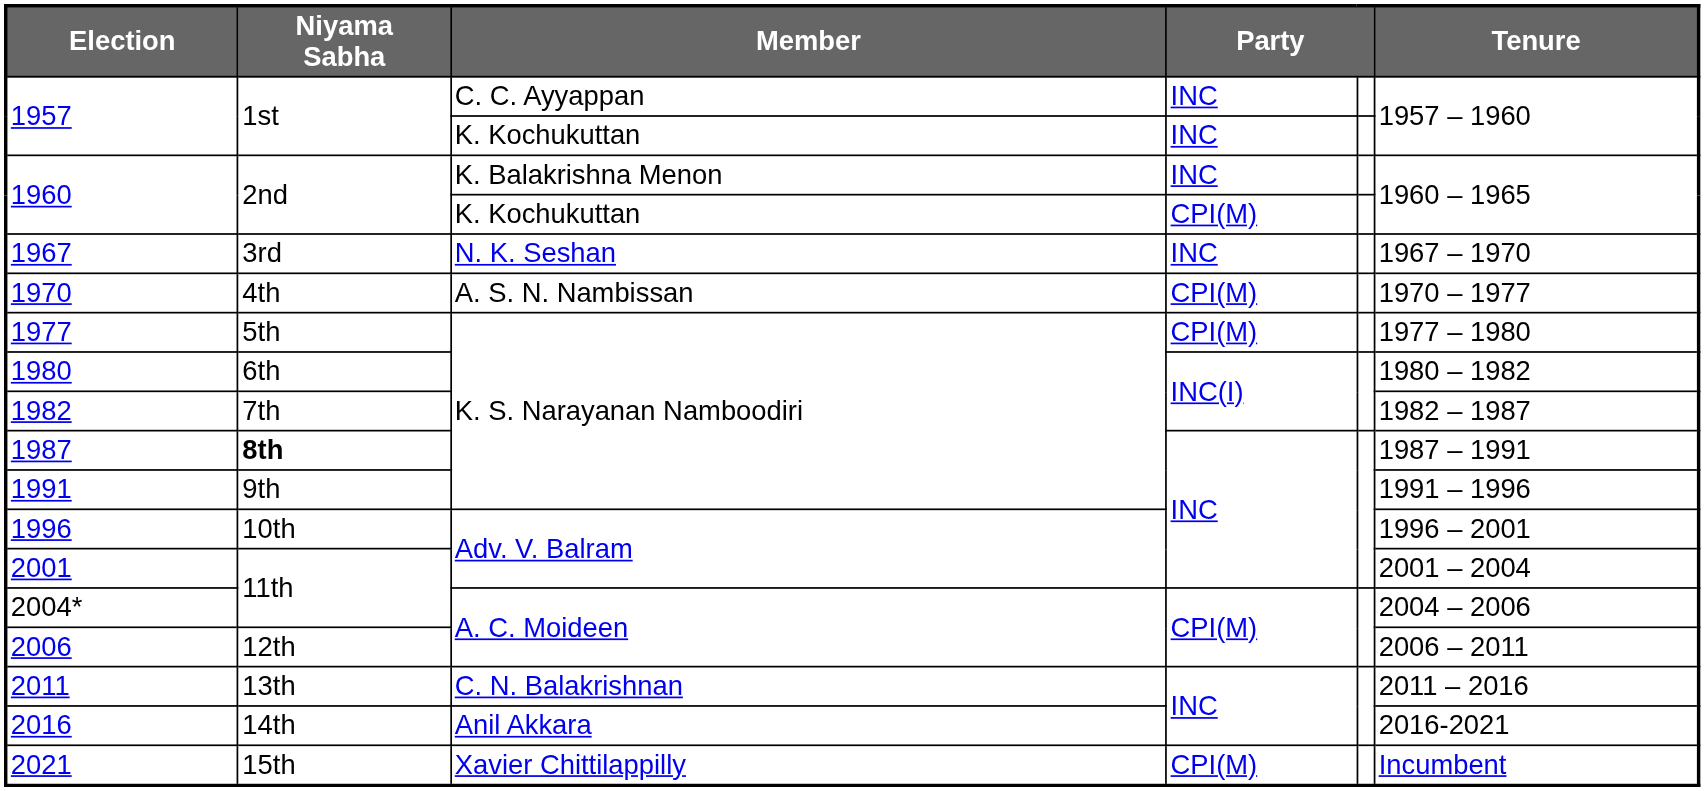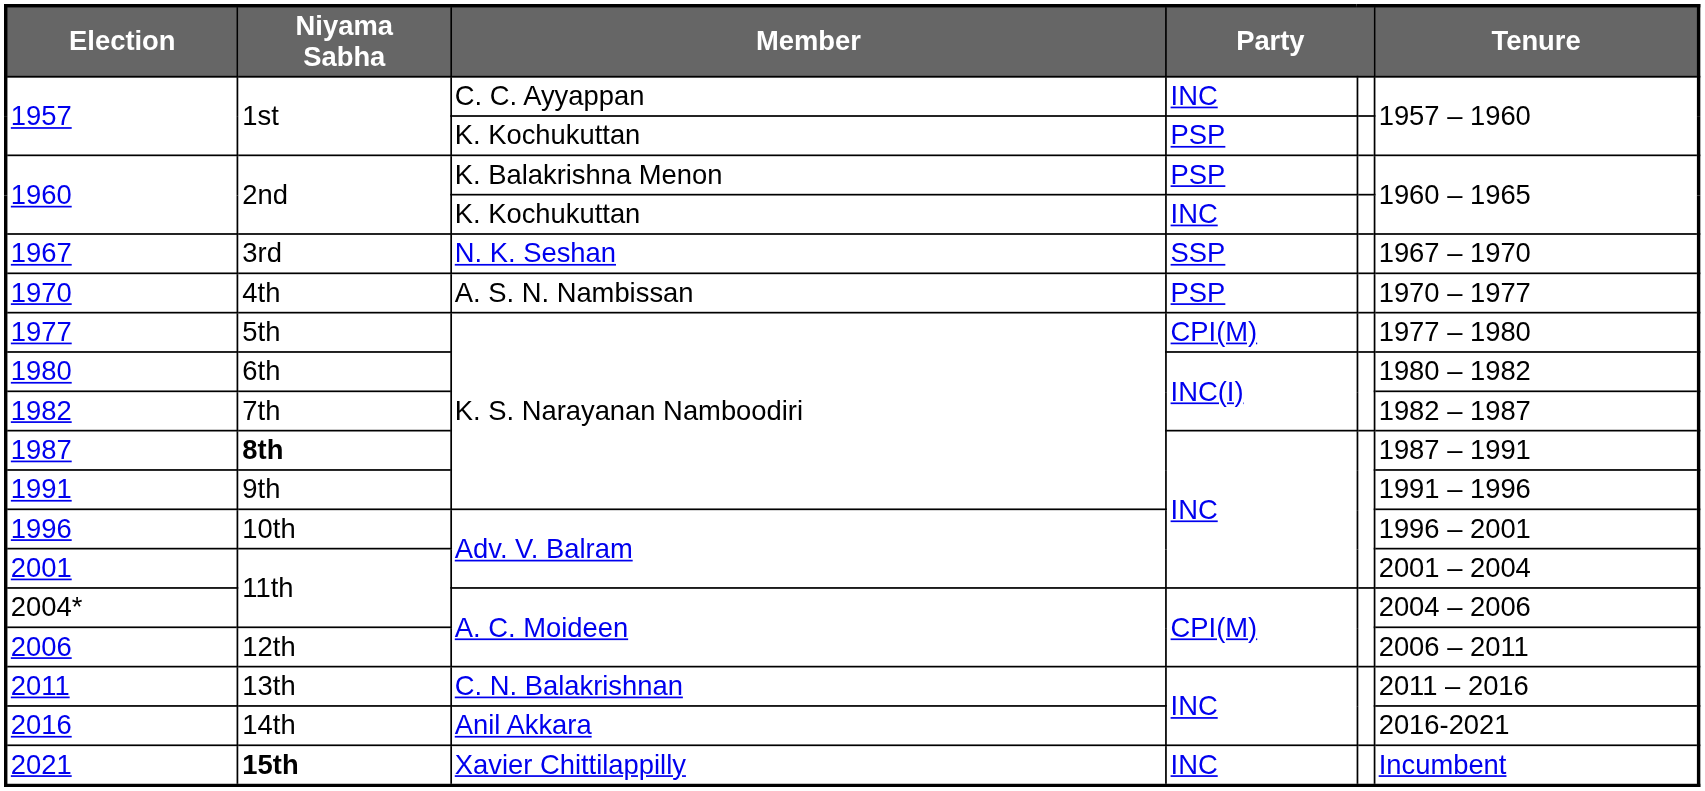 <table class="sortable" width="50%" cellpadding="2" cellspacing="0" border="1" style="border-collapse: collapse; border: 2px #000000 solid; font-size: x-big;">
 <tr>
 <th style="background-color:#666666; color:white">Election</th>
 <th style="background-color:#666666; color:white">Niyama<br>Sabha</th>
 <th style="background-color:#666666; color:white">Member</th>
 <th colspan="2" style="background-color:#666666; color:white">Party</th>
 <th style="background-color:#666666; color:white">Tenure</th>
 </tr>
 <tr>
 <td rowspan="2"><a href='#'>1957</a></td>
 <td rowspan="2">1st</td>
 <td>C. C. Ayyappan</td>
 <td><a href='#'>INC</a></td>
 <td style="background-color: "></td>
 <td rowspan="2">1957 – 1960</td>
 </tr>
 <tr>
 <td>K. Kochukuttan</td>
-<td><a href='#'>INC</a></td>
+<td><a href='#'>PSP</a></td>
 <td style="background-color: "></td>
 </tr>
 <tr>
 <td rowspan="2"><a href='#'>1960</a></td>
 <td rowspan="2">2nd</td>
 <td>K. Balakrishna Menon</td>
-<td><a href='#'>INC</a></td>
+<td><a href='#'>PSP</a></td>
 <td style="background-color: "></td>
 <td rowspan="2">1960 – 1965</td>
 </tr>
 <tr>
 <td>K. Kochukuttan</td>
-<td><a href='#'>CPI(M)</a></td>
+<td><a href='#'>INC</a></td>
 <td style="background-color: "></td>
 </tr>
 <tr>
 <td><a href='#'>1967</a></td>
 <td>3rd</td>
 <td><a href='#'>N. K. Seshan</a></td>
-<td><a href='#'>INC</a></td>
+<td><a href='#'>SSP</a></td>
 <td style="background-color: "></td>
 <td>1967 – 1970</td>
 </tr>
 <tr>
 <td><a href='#'>1970</a></td>
 <td>4th</td>
 <td>A. S. N. Nambissan</td>
-<td><a href='#'>CPI(M)</a></td>
+<td><a href='#'>PSP</a></td>
 <td style="background-color: "></td>
 <td>1970 – 1977</td>
 </tr>
 <tr>
 <td><a href='#'>1977</a></td>
 <td>5th</td>
 <td rowspan="5">K. S. Narayanan Namboodiri</td>
 <td><a href='#'>CPI(M)</a></td>
 <td style="background-color: "></td>
 <td>1977 – 1980</td>
 </tr>
 <tr>
 <td><a href='#'>1980</a></td>
 <td>6th</td>
 <td rowspan="2"><a href='#'>INC(I)</a></td>
 <td rowspan="2" style="background-color: "></td>
 <td>1980 – 1982</td>
 </tr>
 <tr>
 <td><a href='#'>1982</a></td>
 <td>7th</td>
 <td>1982 – 1987</td>
 </tr>
 <tr>
 <td><a href='#'>1987</a></td>
 <td><strong>8th</strong></td>
 <td rowspan="4"><a href='#'>INC</a></td>
 <td rowspan="4" style="background-color: "></td>
 <td>1987 – 1991</td>
 </tr>
 <tr>
 <td><a href='#'>1991</a></td>
 <td>9th</td>
 <td>1991 – 1996</td>
 </tr>
 <tr>
 <td><a href='#'>1996</a></td>
 <td>10th</td>
 <td rowspan="2"><a href='#'>Adv. V. Balram</a></td>
 <td>1996 – 2001</td>
 </tr>
 <tr>
 <td><a href='#'>2001</a></td>
 <td rowspan="2">11th</td>
 <td>2001 – 2004</td>
 </tr>
 <tr>
 <td>2004*</td>
 <td rowspan="2"><a href='#'>A. C. Moideen</a></td>
 <td rowspan="2"><a href='#'>CPI(M)</a></td>
 <td rowspan="2" style="background-color: "></td>
 <td>2004 – 2006</td>
 </tr>
 <tr>
 <td><a href='#'>2006</a></td>
 <td>12th</td>
 <td>2006 – 2011</td>
 </tr>
 <tr>
 <td><a href='#'>2011</a></td>
 <td>13th</td>
 <td><a href='#'>C. N. Balakrishnan</a></td>
 <td rowspan="2"><a href='#'>INC</a></td>
 <td rowspan="2" style="background-color: "></td>
 <td>2011 – 2016</td>
 </tr>
 <tr>
 <td><a href='#'>2016</a></td>
 <td>14th</td>
 <td><a href='#'>Anil Akkara</a></td>
 <td>2016-2021</td>
 </tr>
 <tr>
 <td><a href='#'>2021</a></td>
-<td>15th</td>
+<td><strong>15th</strong></td>
 <td><a href='#'>Xavier Chittilappilly</a></td>
-<td><a href='#'>CPI(M)</a></td>
+<td><a href='#'>INC</a></td>
 <td style="background-color: "></td>
 <td><a href='#'>Incumbent</a></td>
 </tr>
 </table>
